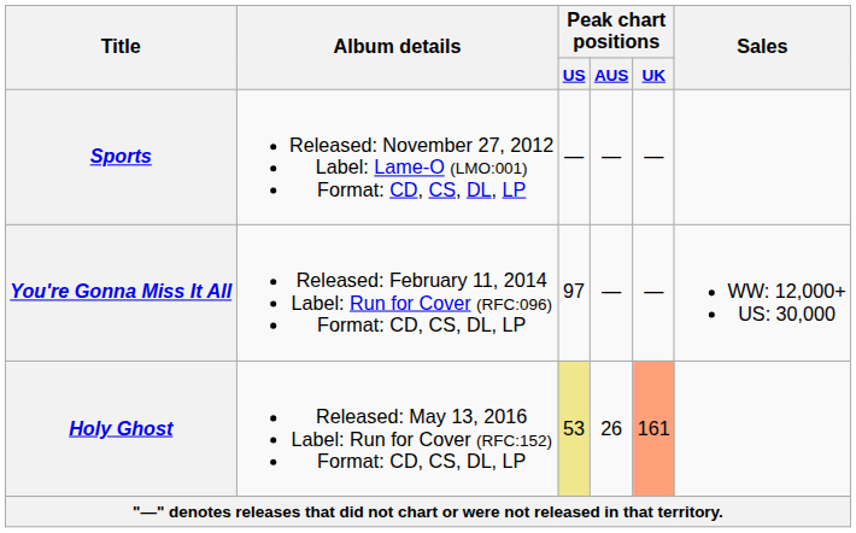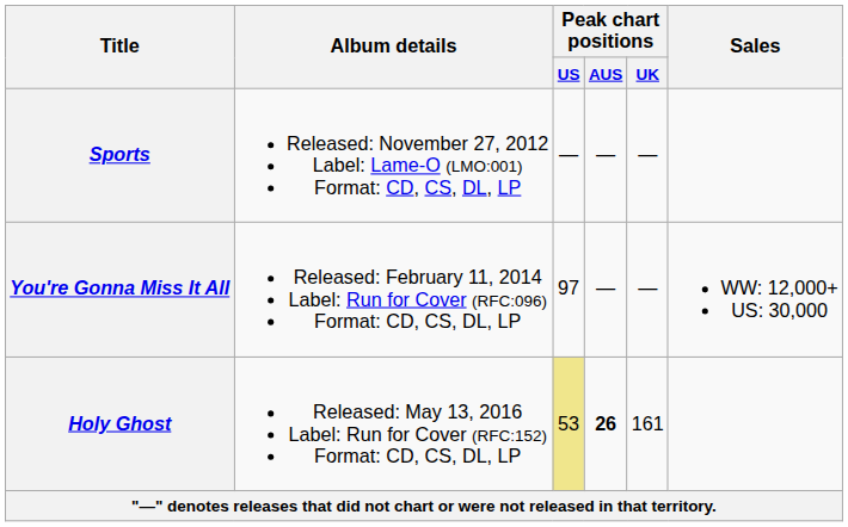 <table class="wikitable plainrowheaders" style="text-align:center;">
 <tr>
 <th scope="col" rowspan="2">Title</th>
 <th scope="col" rowspan="2">Album details</th>
 <th scope="col" colspan="3">Peak chart<br>positions</th>
 <th scope="col" rowspan="2">Sales</th>
 </tr>
 <tr>
 <th style="width:1px;"><small><a href='#'>US</a><br></small></th>
 <th style="width:1px;"><small><a href='#'>AUS</a><br></small></th>
 <th style="width:1px;"><small><a href='#'>UK</a><br></small></th>
 </tr>
 <tr>
 <th scope="row"><em><a href='#'>Sports</a></em></th>
 <td><br><ul><li>Released: November 27, 2012</li><li>Label: <a href='#'>Lame-O</a> <small>(LMO:001)</small></li><li>Format: <a href='#'>CD</a>, <a href='#'>CS</a>, <a href='#'>DL</a>, <a href='#'>LP</a></li></ul></td>
 <td>—</td>
 <td>—</td>
 <td>—</td>
 <td></td>
 </tr>
 <tr>
 <th scope="row"><em><a href='#'>You're Gonna Miss It All</a></em></th>
 <td><br><ul><li>Released: February 11, 2014</li><li>Label: <a href='#'>Run for Cover</a> <small>(RFC:096)</small></li><li>Format: CD, CS, DL, LP</li></ul></td>
 <td>97</td>
 <td>—</td>
 <td>—</td>
 <td><br><ul><li>WW: 12,000+</li><li>US: 30,000</li></ul></td>
 </tr>
 <tr>
 <th scope="row"><em><a href='#'>Holy Ghost</a></em></th>
 <td><br><ul><li>Released: May 13, 2016</li><li>Label: Run for Cover <small>(RFC:152)</small></li><li>Format: CD, CS, DL, LP</li></ul></td>
 <td style="background: khaki;">53</td>
-<td>26</td>
-<td style="background: lightsalmon;">161</td>
+<td><strong>26</strong></td>
+<td>161</td>
 <td></td>
 </tr>
 <tr>
 <th colspan="7"><small>"—" denotes releases that did not chart or were not released in that territory.</small></th>
 </tr>
 </table>
